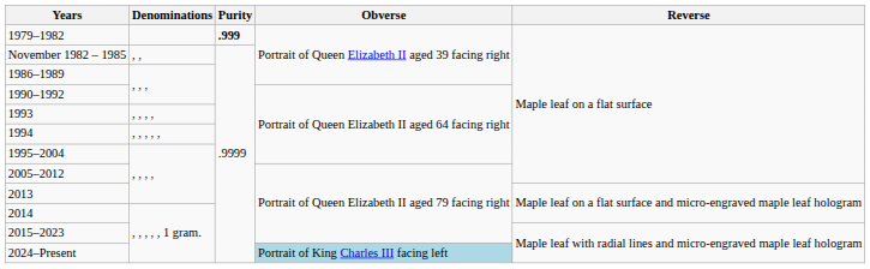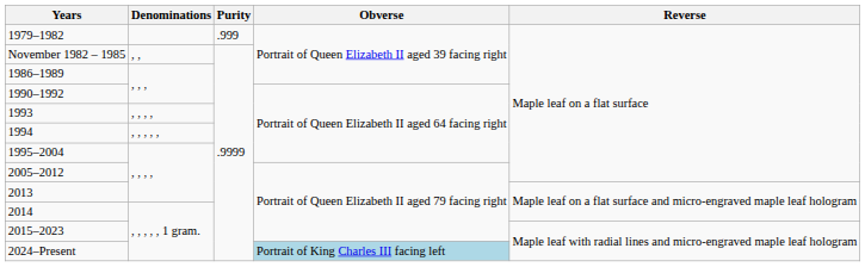 <table class="wikitable">
 <tr>
 <th>Years</th>
 <th>Denominations</th>
 <th>Purity</th>
 <th>Obverse</th>
 <th>Reverse</th>
 </tr>
 <tr>
 <td>1979–1982</td>
 <td></td>
-<td><strong>.999</strong></td>
+<td>.999</td>
 <td rowspan=3>Portrait of Queen <a href='#'>Elizabeth II</a> aged 39 facing right</td>
 <td rowspan="8">Maple leaf on a flat surface</td>
 </tr>
 <tr>
 <td>November 1982 – 1985</td>
 <td>, , </td>
 <td rowspan="11">.9999</td>
 </tr>
 <tr>
 <td>1986–1989</td>
 <td rowspan="2">, , , </td>
 </tr>
 <tr>
 <td>1990–1992</td>
 <td rowspan=4>Portrait of Queen Elizabeth II aged 64 facing right</td>
 </tr>
 <tr>
 <td>1993</td>
 <td>, , , , </td>
 </tr>
 <tr>
 <td>1994</td>
 <td>, , , , , </td>
 </tr>
 <tr>
 <td>1995–2004</td>
 <td rowspan="3">, , , , </td>
 </tr>
 <tr>
 <td>2005–2012</td>
 <td rowspan="4">Portrait of Queen Elizabeth II aged 79 facing right</td>
 </tr>
 <tr>
 <td>2013</td>
 <td rowspan="2">Maple leaf on a flat surface and micro-engraved maple leaf hologram</td>
 </tr>
 <tr>
 <td>2014</td>
 <td rowspan="3">, , , , , 1 gram.</td>
 </tr>
 <tr>
 <td>2015–2023</td>
 <td rowspan="2">Maple leaf with radial lines and micro-engraved maple leaf hologram</td>
 </tr>
 <tr>
 <td>2024–Present</td>
 <td style="background: lightblue;">Portrait of King <a href='#'>Charles III</a> facing left</td>
 </tr>
 </table>
